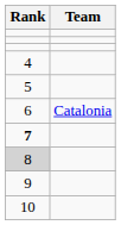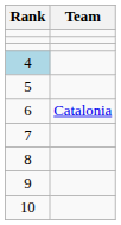 <table class="wikitable">
 <tr>
 <th style="width: 40px;">Rank</th>
 <th>Team</th>
 </tr>
 <tr>
 <td style="text-align: center;"></td>
 <td></td>
 </tr>
 <tr>
 <td style="text-align: center;"></td>
 <td></td>
 </tr>
 <tr>
 <td style="text-align: center;"></td>
 <td></td>
 </tr>
 <tr>
-<td style="text-align: center;">4</td>
+<td style="background: lightblue; text-align: center;">4</td>
 <td></td>
 </tr>
 <tr>
 <td style="text-align: center;">5</td>
 <td></td>
 </tr>
 <tr>
 <td style="text-align: center;">6</td>
 <td> <a href='#'>Catalonia</a></td>
 </tr>
 <tr>
-<td style="text-align: center;"><strong>7</strong></td>
+<td style="text-align: center;">7</td>
 <td></td>
 </tr>
 <tr>
-<td style="background: lightgrey; text-align: center;">8</td>
+<td style="text-align: center;">8</td>
 <td></td>
 </tr>
 <tr>
 <td style="text-align: center;">9</td>
 <td></td>
 </tr>
 <tr>
 <td style="text-align: center;">10</td>
 <td></td>
 </tr>
 </table>
